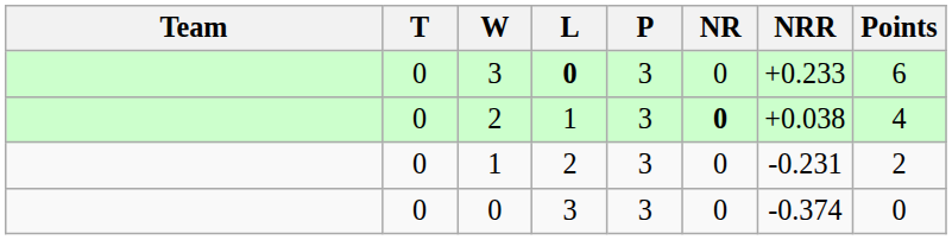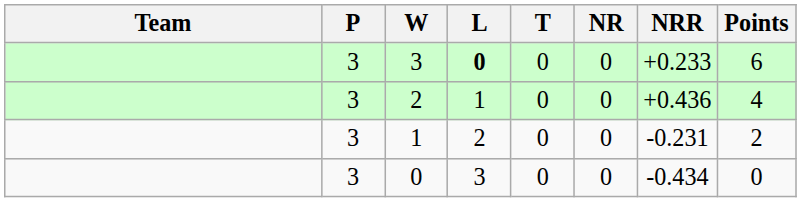 <table class="wikitable" style="text-align: center;">
 <tr>
 <th style="width:40%;">Team</th>
-<th style="width:8%;">T</th>
+<th style="width:8%;">P</th>
 <th style="width:8%;">W</th>
 <th style="width:8%;">L</th>
-<th style="width:8%;">P</th>
+<th style="width:8%;">T</th>
 <th style="width:8%;">NR</th>
 <th style="width:10%;">NRR</th>
 <th style="width:10%;">Points</th>
 </tr>
 <tr style="background:#cfc;">
 <td align=left></td>
-<td>0</td>
+<td>3</td>
 <td>3</td>
 <td><strong>0</strong></td>
-<td>3</td>
+<td>0</td>
 <td>0</td>
 <td>+0.233</td>
 <td>6</td>
 </tr>
 <tr style="background:#cfc;">
 <td align=left></td>
-<td>0</td>
+<td>3</td>
 <td>2</td>
 <td>1</td>
-<td>3</td>
-<td><strong>0</strong></td>
-<td>+0.038</td>
+<td>0</td>
+<td>0</td>
+<td>+0.436</td>
 <td>4</td>
 </tr>
 <tr>
 <td align=left></td>
-<td>0</td>
+<td>3</td>
 <td>1</td>
 <td>2</td>
-<td>3</td>
+<td>0</td>
 <td>0</td>
 <td>-0.231</td>
 <td>2</td>
 </tr>
 <tr>
 <td align=left></td>
+<td>3</td>
+<td>0</td>
+<td>3</td>
 <td>0</td>
 <td>0</td>
-<td>3</td>
-<td>3</td>
-<td>0</td>
-<td>-0.374</td>
+<td>-0.434</td>
 <td>0</td>
 </tr>
 </table>
